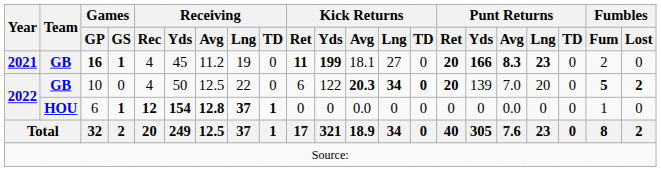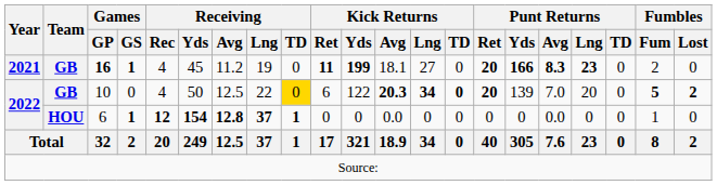 <table class="wikitable" style="text-align: center;">
 <tr>
 <th rowspan="2">Year</th>
 <th rowspan="2">Team</th>
 <th colspan="2">Games</th>
 <th colspan="5">Receiving</th>
 <th colspan="5">Kick Returns</th>
 <th colspan="5">Punt Returns</th>
 <th colspan="2">Fumbles</th>
 </tr>
 <tr>
 <th>GP</th>
 <th>GS</th>
 <th>Rec</th>
 <th>Yds</th>
 <th>Avg</th>
 <th>Lng</th>
 <th>TD</th>
 <th>Ret</th>
 <th>Yds</th>
 <th>Avg</th>
 <th>Lng</th>
 <th>TD</th>
 <th>Ret</th>
 <th>Yds</th>
 <th>Avg</th>
 <th>Lng</th>
 <th>TD</th>
 <th>Fum</th>
 <th>Lost</th>
 </tr>
 <tr>
 <th><a href='#'>2021</a></th>
 <th><a href='#'>GB</a></th>
 <td><strong>16</strong></td>
 <td><strong>1</strong></td>
 <td>4</td>
 <td>45</td>
 <td>11.2</td>
 <td>19</td>
 <td>0</td>
 <td><strong>11</strong></td>
 <td><strong>199</strong></td>
 <td>18.1</td>
 <td>27</td>
 <td>0</td>
 <td><strong>20</strong></td>
 <td><strong>166</strong></td>
 <td><strong>8.3</strong></td>
 <td><strong>23</strong></td>
 <td>0</td>
 <td>2</td>
 <td>0</td>
 </tr>
 <tr>
 <th rowspan="2"><a href='#'>2022</a></th>
 <th><a href='#'>GB</a></th>
 <td>10</td>
 <td>0</td>
 <td>4</td>
 <td>50</td>
 <td>12.5</td>
 <td>22</td>
-<td>0</td>
+<td style="background: gold;">0</td>
 <td>6</td>
 <td>122</td>
 <td><strong>20.3</strong></td>
 <td><strong>34</strong></td>
 <td><strong>0</strong></td>
 <td><strong>20</strong></td>
 <td>139</td>
 <td>7.0</td>
 <td>20</td>
 <td>0</td>
 <td><strong>5</strong></td>
 <td><strong>2</strong></td>
 </tr>
 <tr>
 <th><a href='#'>HOU</a></th>
 <td>6</td>
 <td><strong>1</strong></td>
 <td><strong>12</strong></td>
 <td><strong>154</strong></td>
 <td><strong>12.8</strong></td>
 <td><strong>37</strong></td>
 <td><strong>1</strong></td>
 <td>0</td>
 <td>0</td>
 <td>0.0</td>
 <td>0</td>
 <td>0</td>
 <td>0</td>
 <td>0</td>
 <td>0.0</td>
 <td>0</td>
 <td>0</td>
 <td>1</td>
 <td>0</td>
 </tr>
 <tr>
 <th colspan="2">Total</th>
 <th>32</th>
 <th>2</th>
 <th>20</th>
 <th>249</th>
 <th>12.5</th>
 <th>37</th>
 <th>1</th>
 <th>17</th>
 <th>321</th>
 <th>18.9</th>
 <th>34</th>
 <th>0</th>
 <th>40</th>
 <th>305</th>
 <th>7.6</th>
 <th>23</th>
 <th>0</th>
 <th>8</th>
 <th>2</th>
 </tr>
 <tr>
 <td colspan="22"><small>Source: </small></td>
 </tr>
 </table>
